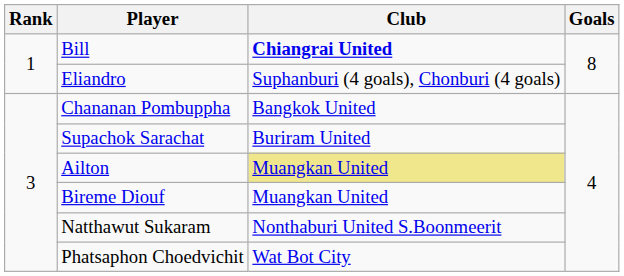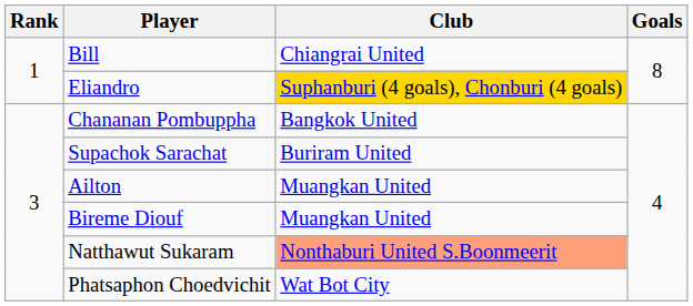 <table class="wikitable sortable" style="text-align:center">
 <tr>
 <th>Rank</th>
 <th>Player</th>
 <th>Club</th>
 <th>Goals</th>
 </tr>
 <tr>
 <td rowspan="2">1</td>
 <td align="left"> <a href='#'>Bill</a></td>
-<td align="left"><strong><a href='#'>Chiangrai United</a></strong></td>
+<td align="left"><a href='#'>Chiangrai United</a></td>
 <td rowspan="2">8</td>
 </tr>
 <tr>
 <td align="left"> <a href='#'>Eliandro</a></td>
-<td align="left"><a href='#'>Suphanburi</a> (4 goals), <a href='#'>Chonburi</a> (4 goals)</td>
+<td align="left" style="background: gold;"><a href='#'>Suphanburi</a> (4 goals), <a href='#'>Chonburi</a> (4 goals)</td>
 </tr>
 <tr>
 <td rowspan="6">3</td>
 <td align="left"> <a href='#'>Chananan Pombuppha</a></td>
 <td align="left"><a href='#'>Bangkok United</a></td>
 <td rowspan="6">4</td>
 </tr>
 <tr>
 <td align="left"> <a href='#'>Supachok Sarachat</a></td>
 <td align="left"><a href='#'>Buriram United</a></td>
 </tr>
 <tr>
 <td align="left"> <a href='#'>Ailton</a></td>
-<td align="left" style="background: khaki;"><a href='#'>Muangkan United</a></td>
+<td align="left"><a href='#'>Muangkan United</a></td>
 </tr>
 <tr>
 <td align="left"> <a href='#'>Bireme Diouf</a></td>
 <td align="left"><a href='#'>Muangkan United</a></td>
 </tr>
 <tr>
 <td align="left"> Natthawut Sukaram</td>
-<td align="left"><a href='#'>Nonthaburi United S.Boonmeerit</a></td>
+<td align="left" style="background: lightsalmon;"><a href='#'>Nonthaburi United S.Boonmeerit</a></td>
 </tr>
 <tr>
 <td align="left"> Phatsaphon Choedvichit</td>
 <td align="left"><a href='#'>Wat Bot City</a></td>
 </tr>
 </table>
